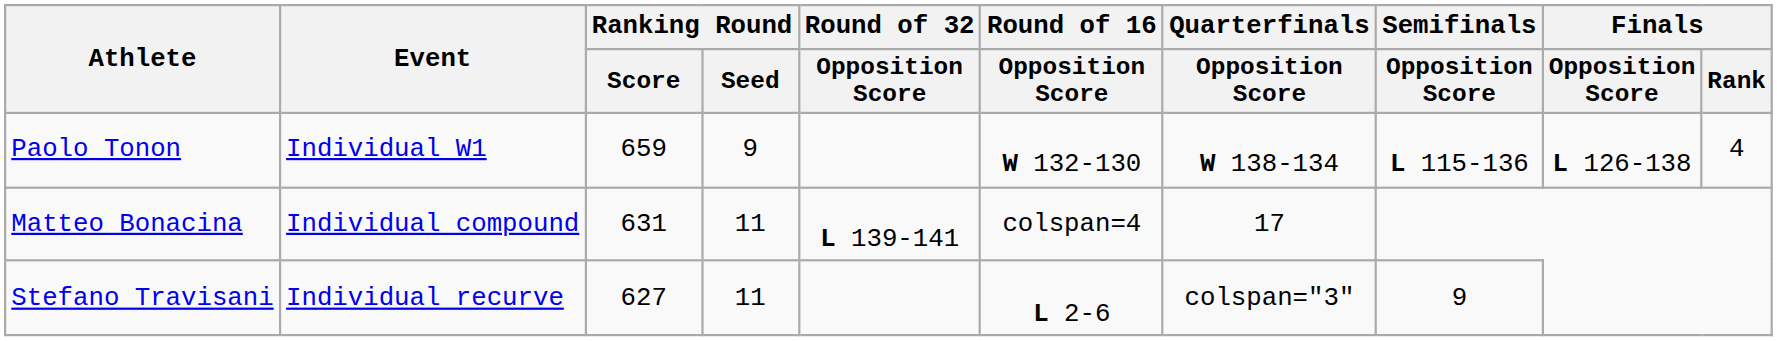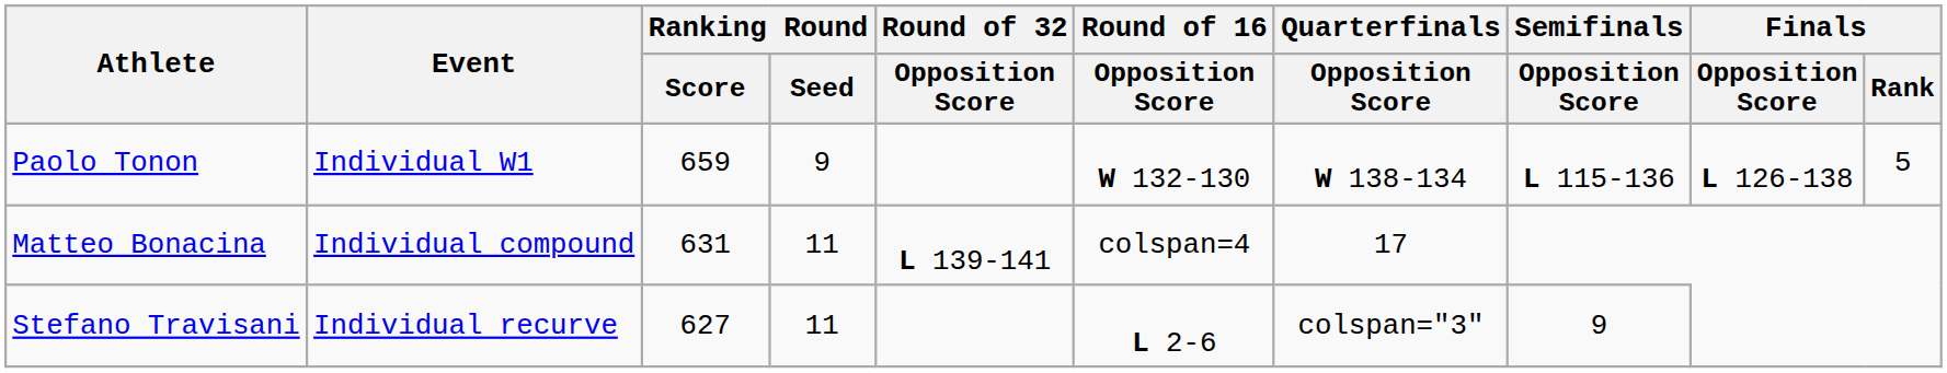 <table class="wikitable" style="text-align: center; font-size:90%">
 <tr>
 <th rowspan="2">Athlete</th>
 <th rowspan="2">Event</th>
 <th colspan="2">Ranking Round</th>
 <th>Round of 32</th>
 <th>Round of 16</th>
 <th>Quarterfinals</th>
 <th>Semifinals</th>
 <th colspan="2">Finals</th>
 </tr>
 <tr style="font-size:95%">
 <th>Score</th>
 <th>Seed</th>
 <th>Opposition<br>Score</th>
 <th>Opposition<br>Score</th>
 <th>Opposition<br>Score</th>
 <th>Opposition<br>Score</th>
 <th>Opposition<br>Score</th>
 <th>Rank</th>
 </tr>
 <tr>
 <td align=left><a href='#'>Paolo Tonon</a></td>
 <td align=left><a href='#'>Individual W1</a></td>
 <td>659</td>
 <td>9</td>
 <td></td>
 <td><br><strong>W</strong> 132-130</td>
 <td><br><strong>W</strong> 138-134</td>
 <td><br><strong>L</strong> 115-136</td>
 <td><br><strong>L</strong> 126-138</td>
-<td>4</td>
+<td>5</td>
 </tr>
 <tr>
 <td align=left><a href='#'>Matteo Bonacina</a></td>
 <td align=left><a href='#'>Individual compound</a></td>
 <td>631</td>
 <td>11</td>
 <td><br><strong>L</strong> 139-141</td>
 <td>colspan=4 </td>
 <td>17</td>
 </tr>
 <tr>
 <td align=left><a href='#'>Stefano Travisani</a></td>
 <td align=left><a href='#'>Individual recurve</a></td>
 <td>627</td>
 <td>11</td>
 <td></td>
 <td><br><strong>L</strong> 2-6</td>
 <td>colspan="3" </td>
 <td>9</td>
 </tr>
 </table>
